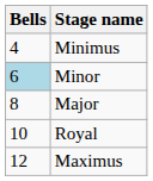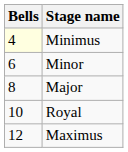 <table class="wikitable">
 <tr>
 <th>Bells</th>
 <th>Stage name</th>
 </tr>
 <tr>
-<td>4</td>
+<td style="background: lightyellow;">4</td>
 <td>Minimus</td>
 </tr>
 <tr>
-<td style="background: lightblue;">6</td>
+<td>6</td>
 <td>Minor</td>
 </tr>
 <tr>
 <td>8</td>
 <td>Major</td>
 </tr>
 <tr>
 <td>10</td>
 <td>Royal</td>
 </tr>
 <tr>
 <td>12</td>
 <td>Maximus</td>
 </tr>
 </table>
